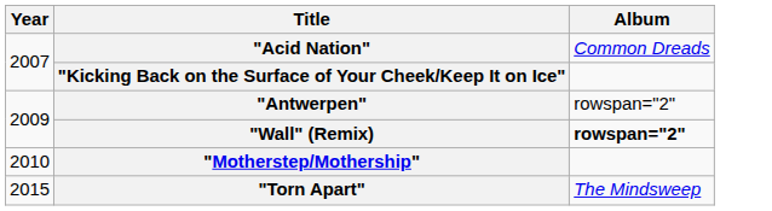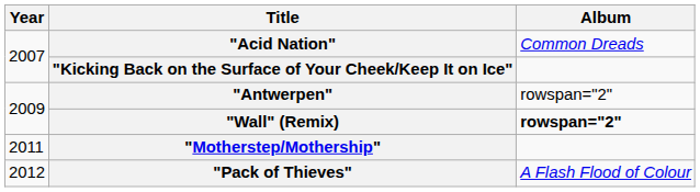 <table class="wikitable plainrowheaders">
 <tr>
 <th scope="col">Year</th>
 <th scope="col">Title</th>
 <th scope="col">Album</th>
 </tr>
 <tr>
 <td rowspan="2">2007</td>
 <th scope="row">"Acid Nation"</th>
 <td><em><a href='#'>Common Dreads</a></em></td>
 </tr>
 <tr>
 <th scope="row">"Kicking Back on the Surface of Your Cheek/Keep It on Ice"</th>
 </tr>
 <tr>
 <td rowspan="2">2009</td>
 <th scope="row">"Antwerpen"</th>
 <td>rowspan="2" </td>
 </tr>
 <tr>
 <th scope="row">"Wall" (Remix)</th>
 <td><strong>rowspan="2" </strong></td>
 </tr>
 <tr>
-<td>2010</td>
+<td>2011</td>
 <th scope="row">"<a href='#'>Motherstep/Mothership</a>"</th>
 </tr>
 <tr>
-<td>2015</td>
-<th scope="row">"Torn Apart"</th>
-<td><em><a href='#'>The Mindsweep</a></em></td>
+<td>2012</td>
+<th scope="row">"Pack of Thieves"</th>
+<td><em><a href='#'>A Flash Flood of Colour</a></em></td>
 </tr>
 </table>
